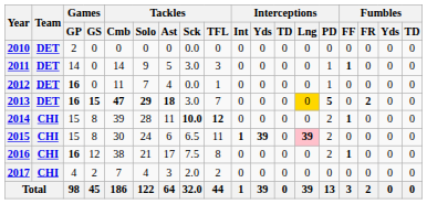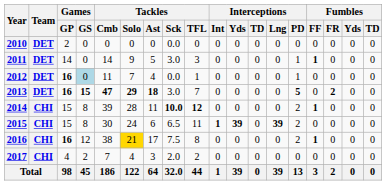 <table class="wikitable" style="text-align:center">
 <tr>
 <th rowspan="2">Year</th>
 <th rowspan="2">Team</th>
 <th colspan="2">Games</th>
 <th colspan="5">Tackles</th>
 <th colspan="5">Interceptions</th>
 <th colspan="4">Fumbles</th>
 </tr>
 <tr>
 <th>GP</th>
 <th>GS</th>
 <th>Cmb</th>
 <th>Solo</th>
 <th>Ast</th>
 <th>Sck</th>
 <th>TFL</th>
 <th>Int</th>
 <th>Yds</th>
 <th>TD</th>
 <th>Lng</th>
 <th>PD</th>
 <th>FF</th>
 <th>FR</th>
 <th>Yds</th>
 <th>TD</th>
 </tr>
 <tr>
 <th><a href='#'>2010</a></th>
 <th><a href='#'>DET</a></th>
 <td>2</td>
 <td>0</td>
 <td>0</td>
 <td>0</td>
 <td>0</td>
 <td>0.0</td>
 <td>0</td>
 <td>0</td>
 <td>0</td>
 <td>0</td>
 <td>0</td>
 <td>0</td>
 <td>0</td>
 <td>0</td>
 <td>0</td>
 <td>0</td>
 </tr>
 <tr>
 <th><a href='#'>2011</a></th>
 <th><a href='#'>DET</a></th>
 <td>14</td>
 <td>0</td>
 <td>14</td>
 <td>9</td>
 <td>5</td>
 <td>3.0</td>
 <td>3</td>
 <td>0</td>
 <td>0</td>
 <td>0</td>
 <td>0</td>
 <td>1</td>
 <td><strong>1</strong></td>
 <td>0</td>
 <td>0</td>
 <td>0</td>
 </tr>
 <tr>
 <th><a href='#'>2012</a></th>
 <th><a href='#'>DET</a></th>
 <td><strong>16</strong></td>
-<td>0</td>
+<td style="background: lightblue;">0</td>
 <td>11</td>
 <td>7</td>
 <td>4</td>
 <td>0.0</td>
 <td>1</td>
 <td>0</td>
 <td>0</td>
 <td>0</td>
 <td>0</td>
 <td>1</td>
 <td>0</td>
 <td>0</td>
 <td>0</td>
 <td>0</td>
 </tr>
 <tr>
 <th><a href='#'>2013</a></th>
 <th><a href='#'>DET</a></th>
 <td><strong>16</strong></td>
 <td><strong>15</strong></td>
 <td><strong>47</strong></td>
 <td><strong>29</strong></td>
 <td><strong>18</strong></td>
 <td>3.0</td>
 <td>7</td>
 <td>0</td>
 <td>0</td>
 <td>0</td>
-<td style="background: gold;">0</td>
+<td>0</td>
 <td><strong>5</strong></td>
 <td>0</td>
 <td><strong>2</strong></td>
 <td>0</td>
 <td>0</td>
 </tr>
 <tr>
 <th><a href='#'>2014</a></th>
 <th><a href='#'>CHI</a></th>
 <td>15</td>
 <td>8</td>
 <td>39</td>
 <td>28</td>
 <td>11</td>
 <td><strong>10.0</strong></td>
 <td><strong>12</strong></td>
 <td>0</td>
 <td>0</td>
 <td>0</td>
 <td>0</td>
 <td>2</td>
 <td><strong>1</strong></td>
 <td>0</td>
 <td>0</td>
 <td>0</td>
 </tr>
 <tr>
 <th><a href='#'>2015</a></th>
 <th><a href='#'>CHI</a></th>
 <td>15</td>
 <td>8</td>
 <td>30</td>
 <td>24</td>
 <td>6</td>
 <td>6.5</td>
 <td>11</td>
 <td><strong>1</strong></td>
 <td><strong>39</strong></td>
 <td>0</td>
-<td style="background: pink;"><strong>39</strong></td>
+<td><strong>39</strong></td>
 <td>2</td>
 <td>0</td>
 <td>0</td>
 <td>0</td>
 <td>0</td>
 </tr>
 <tr>
 <th><a href='#'>2016</a></th>
 <th><a href='#'>CHI</a></th>
 <td><strong>16</strong></td>
 <td>12</td>
 <td>38</td>
-<td>21</td>
+<td style="background: gold;">21</td>
 <td>17</td>
 <td>7.5</td>
 <td>8</td>
 <td>0</td>
 <td>0</td>
 <td>0</td>
 <td>0</td>
 <td>2</td>
 <td><strong>1</strong></td>
 <td>0</td>
 <td>0</td>
 <td>0</td>
 </tr>
 <tr>
 <th><a href='#'>2017</a></th>
 <th><a href='#'>CHI</a></th>
 <td>4</td>
 <td>2</td>
 <td>7</td>
 <td>4</td>
 <td>3</td>
 <td>2.0</td>
 <td>2</td>
 <td>0</td>
 <td>0</td>
 <td>0</td>
 <td>0</td>
 <td>0</td>
 <td>0</td>
 <td>0</td>
 <td>0</td>
 <td>0</td>
 </tr>
 <tr>
 <th colspan="2">Total</th>
 <th>98</th>
 <th>45</th>
 <th>186</th>
 <th>122</th>
 <th>64</th>
 <th>32.0</th>
 <th>44</th>
 <th>1</th>
 <th>39</th>
 <th>0</th>
 <th>39</th>
 <th>13</th>
 <th>3</th>
 <th>2</th>
 <th>0</th>
 <th>0</th>
 </tr>
 </table>
